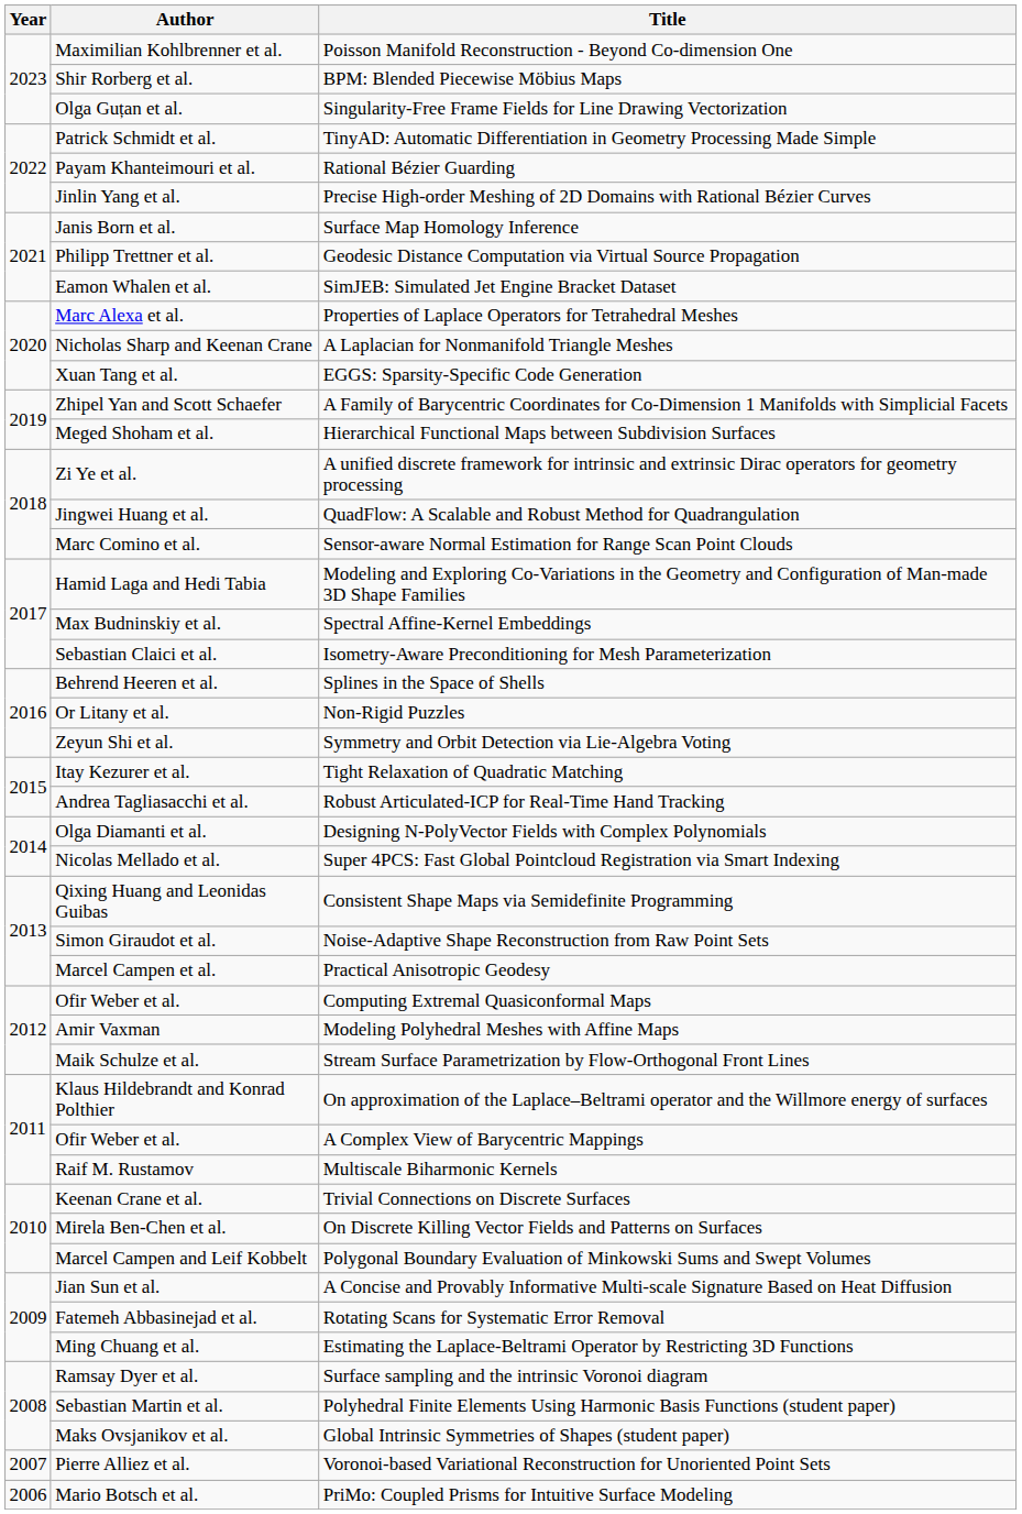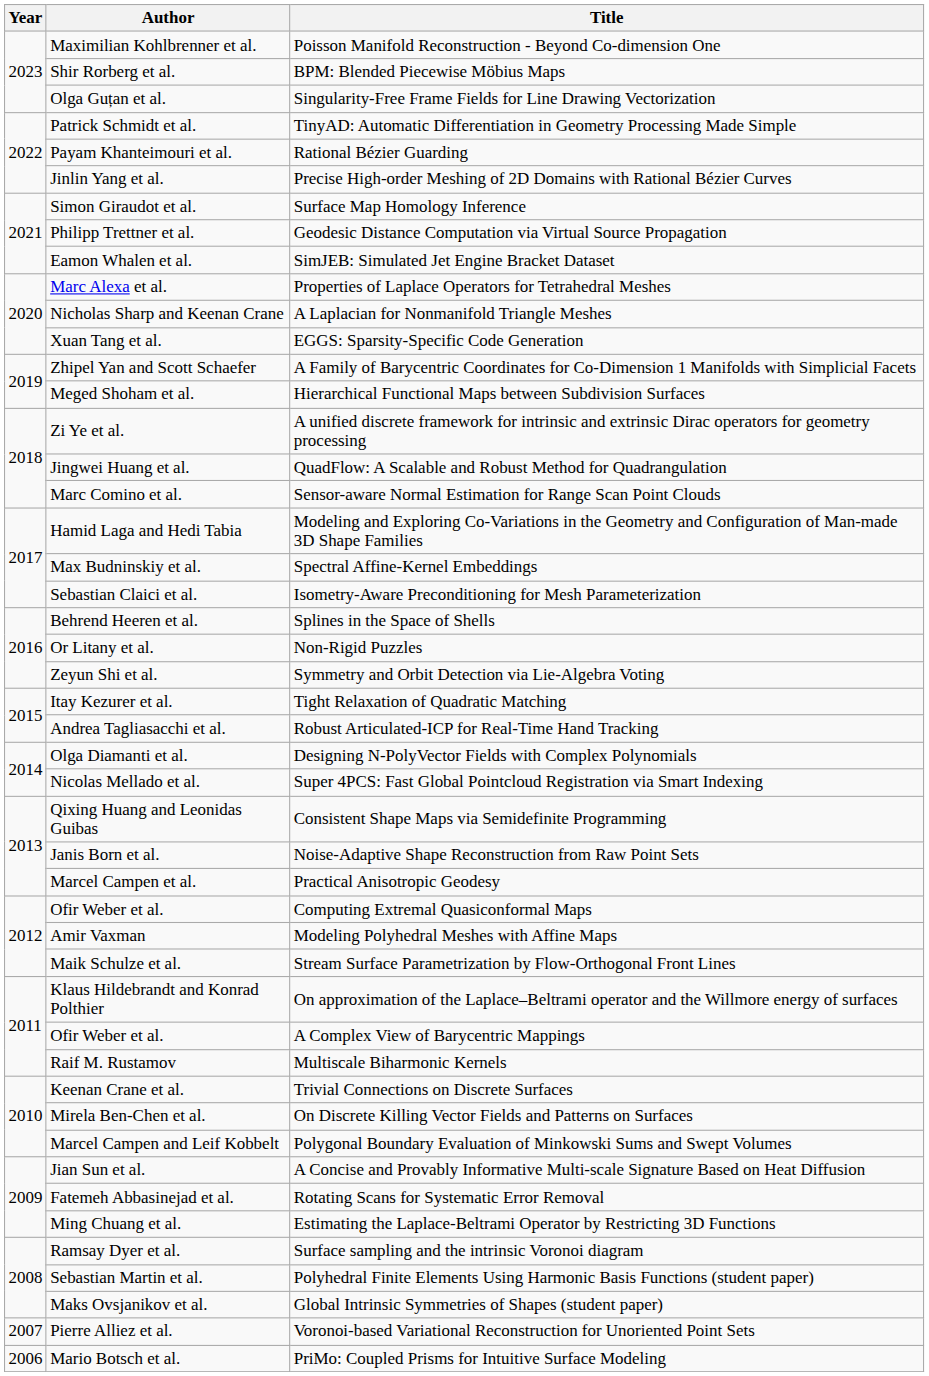 <table class="wikitable">
 <tr>
 <th>Year</th>
 <th>Author</th>
 <th>Title</th>
 </tr>
 <tr>
 <td rowspan="3">2023</td>
 <td>Maximilian Kohlbrenner et al.</td>
 <td>Poisson Manifold Reconstruction - Beyond Co-dimension One</td>
 </tr>
 <tr>
 <td>Shir Rorberg et al.</td>
 <td>BPM: Blended Piecewise Möbius Maps</td>
 </tr>
 <tr>
 <td>Olga Guțan et al.</td>
 <td>Singularity-Free Frame Fields for Line Drawing Vectorization</td>
 </tr>
 <tr>
 <td rowspan="3">2022</td>
 <td>Patrick Schmidt et al.</td>
 <td>TinyAD: Automatic Differentiation in Geometry Processing Made Simple</td>
 </tr>
 <tr>
 <td>Payam Khanteimouri et al.</td>
 <td>Rational Bézier Guarding</td>
 </tr>
 <tr>
 <td>Jinlin Yang et al.</td>
 <td>Precise High-order Meshing of 2D Domains with Rational Bézier Curves</td>
 </tr>
 <tr>
 <td rowspan="3">2021</td>
-<td>Janis Born et al.</td>
+<td>Simon Giraudot et al.</td>
 <td>Surface Map Homology Inference</td>
 </tr>
 <tr>
 <td>Philipp Trettner et al.</td>
 <td>Geodesic Distance Computation via Virtual Source Propagation</td>
 </tr>
 <tr>
 <td>Eamon Whalen et al.</td>
 <td>SimJEB: Simulated Jet Engine Bracket Dataset</td>
 </tr>
 <tr>
 <td rowspan="3">2020</td>
 <td><a href='#'>Marc Alexa</a> et al.</td>
 <td>Properties of Laplace Operators for Tetrahedral Meshes</td>
 </tr>
 <tr>
 <td>Nicholas Sharp and Keenan Crane</td>
 <td>A Laplacian for Nonmanifold Triangle Meshes</td>
 </tr>
 <tr>
 <td>Xuan Tang et al.</td>
 <td>EGGS: Sparsity-Specific Code Generation</td>
 </tr>
 <tr>
 <td rowspan="2">2019</td>
 <td>Zhipel Yan and Scott Schaefer</td>
 <td>A Family of Barycentric Coordinates for Co-Dimension 1 Manifolds with Simplicial Facets</td>
 </tr>
 <tr>
 <td>Meged Shoham et al.</td>
 <td>Hierarchical Functional Maps between Subdivision Surfaces</td>
 </tr>
 <tr>
 <td rowspan="3">2018</td>
 <td>Zi Ye et al.</td>
 <td>A unified discrete framework for intrinsic and extrinsic Dirac operators for geometry processing</td>
 </tr>
 <tr>
 <td>Jingwei Huang et al.</td>
 <td>QuadFlow: A Scalable and Robust Method for Quadrangulation</td>
 </tr>
 <tr>
 <td>Marc Comino et al.</td>
 <td>Sensor-aware Normal Estimation for Range Scan Point Clouds</td>
 </tr>
 <tr>
 <td rowspan="3">2017</td>
 <td>Hamid Laga and Hedi Tabia</td>
 <td>Modeling and Exploring Co-Variations in the Geometry and Configuration of Man-made 3D Shape Families</td>
 </tr>
 <tr>
 <td>Max Budninskiy et al.</td>
 <td>Spectral Affine-Kernel Embeddings</td>
 </tr>
 <tr>
 <td>Sebastian Claici et al.</td>
 <td>Isometry-Aware Preconditioning for Mesh Parameterization</td>
 </tr>
 <tr>
 <td rowspan="3">2016</td>
 <td>Behrend Heeren et al.</td>
 <td>Splines in the Space of Shells</td>
 </tr>
 <tr>
 <td>Or Litany et al.</td>
 <td>Non-Rigid Puzzles</td>
 </tr>
 <tr>
 <td>Zeyun Shi et al.</td>
 <td>Symmetry and Orbit Detection via Lie-Algebra Voting</td>
 </tr>
 <tr>
 <td rowspan="2">2015</td>
 <td>Itay Kezurer et al.</td>
 <td>Tight Relaxation of Quadratic Matching</td>
 </tr>
 <tr>
 <td>Andrea Tagliasacchi et al.</td>
 <td>Robust Articulated-ICP for Real-Time Hand Tracking</td>
 </tr>
 <tr>
 <td rowspan="2">2014</td>
 <td>Olga Diamanti et al.</td>
 <td>Designing N-PolyVector Fields with Complex Polynomials</td>
 </tr>
 <tr>
 <td>Nicolas Mellado et al.</td>
 <td>Super 4PCS: Fast Global Pointcloud Registration via Smart Indexing</td>
 </tr>
 <tr>
 <td rowspan="3">2013</td>
 <td>Qixing Huang and Leonidas Guibas</td>
 <td>Consistent Shape Maps via Semidefinite Programming</td>
 </tr>
 <tr>
-<td>Simon Giraudot et al.</td>
+<td>Janis Born et al.</td>
 <td>Noise-Adaptive Shape Reconstruction from Raw Point Sets</td>
 </tr>
 <tr>
 <td>Marcel Campen et al.</td>
 <td>Practical Anisotropic Geodesy</td>
 </tr>
 <tr>
 <td rowspan="3">2012</td>
 <td>Ofir Weber et al.</td>
 <td>Computing Extremal Quasiconformal Maps</td>
 </tr>
 <tr>
 <td>Amir Vaxman</td>
 <td>Modeling Polyhedral Meshes with Affine Maps</td>
 </tr>
 <tr>
 <td>Maik Schulze et al.</td>
 <td>Stream Surface Parametrization by Flow-Orthogonal Front Lines</td>
 </tr>
 <tr>
 <td rowspan="3">2011</td>
 <td>Klaus Hildebrandt and Konrad Polthier</td>
 <td>On approximation of the Laplace–Beltrami operator and the Willmore energy of surfaces</td>
 </tr>
 <tr>
 <td>Ofir Weber et al.</td>
 <td>A Complex View of Barycentric Mappings</td>
 </tr>
 <tr>
 <td>Raif M. Rustamov</td>
 <td>Multiscale Biharmonic Kernels</td>
 </tr>
 <tr>
 <td rowspan="3">2010</td>
 <td>Keenan Crane et al.</td>
 <td>Trivial Connections on Discrete Surfaces</td>
 </tr>
 <tr>
 <td>Mirela Ben-Chen et al.</td>
 <td>On Discrete Killing Vector Fields and Patterns on Surfaces</td>
 </tr>
 <tr>
 <td>Marcel Campen and Leif Kobbelt</td>
 <td>Polygonal Boundary Evaluation of Minkowski Sums and Swept Volumes</td>
 </tr>
 <tr>
 <td rowspan="3">2009</td>
 <td>Jian Sun et al.</td>
 <td>A Concise and Provably Informative Multi-scale Signature Based on Heat Diffusion</td>
 </tr>
 <tr>
 <td>Fatemeh Abbasinejad et al.</td>
 <td>Rotating Scans for Systematic Error Removal</td>
 </tr>
 <tr>
 <td>Ming Chuang et al.</td>
 <td>Estimating the Laplace-Beltrami Operator by Restricting 3D Functions</td>
 </tr>
 <tr>
 <td rowspan="3">2008</td>
 <td>Ramsay Dyer et al.</td>
 <td>Surface sampling and the intrinsic Voronoi diagram</td>
 </tr>
 <tr>
 <td>Sebastian Martin et al.</td>
 <td>Polyhedral Finite Elements Using Harmonic Basis Functions (student paper)</td>
 </tr>
 <tr>
 <td>Maks Ovsjanikov et al.</td>
 <td>Global Intrinsic Symmetries of Shapes (student paper)</td>
 </tr>
 <tr>
 <td>2007</td>
 <td>Pierre Alliez et al.</td>
 <td>Voronoi-based Variational Reconstruction for Unoriented Point Sets</td>
 </tr>
 <tr>
 <td>2006</td>
 <td>Mario Botsch et al.</td>
 <td>PriMo: Coupled Prisms for Intuitive Surface Modeling</td>
 </tr>
 <tr>
 </tr>
 </table>
